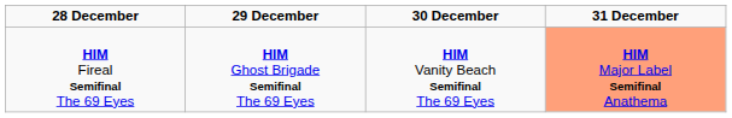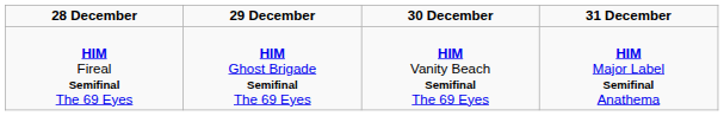 <table class="wikitable">
 <tr>
 <td colspan="1" style="text-align:center;"><strong>28 December</strong> <br></td>
 <td colspan="1" style="text-align:center;"><strong>29 December</strong> <br></td>
 <td colspan="1" style="text-align:center;"><strong>30 December</strong> <br></td>
 <td colspan="1" style="text-align:center;"><strong>31 December</strong> <br></td>
 </tr>
 <tr>
 <td style="text-align:center; vertical-align:top; width:200px;"><br><strong><a href='#'>HIM</a></strong><br> Fireal<br> <small><strong>Semifinal</strong></small><br> <a href='#'>The 69 Eyes</a></td>
 <td style="text-align:center; vertical-align:top; width:200px;"><br><strong><a href='#'>HIM</a></strong><br> <a href='#'>Ghost Brigade</a><br> <small><strong>Semifinal</strong></small><br> <a href='#'>The 69 Eyes</a></td>
 <td style="text-align:center; vertical-align:top; width:200px;"><br><strong><a href='#'>HIM</a></strong><br> Vanity Beach<br> <small><strong>Semifinal</strong></small><br> <a href='#'>The 69 Eyes</a></td>
-<td style="background: lightsalmon; text-align:center; vertical-align:top; width:200px;"><br><strong><a href='#'>HIM</a></strong><br> <a href='#'>Major Label</a><br> <small><strong>Semifinal</strong></small><br> <a href='#'>Anathema</a></td>
+<td style="text-align:center; vertical-align:top; width:200px;"><br><strong><a href='#'>HIM</a></strong><br> <a href='#'>Major Label</a><br> <small><strong>Semifinal</strong></small><br> <a href='#'>Anathema</a></td>
 </tr>
 </table>
